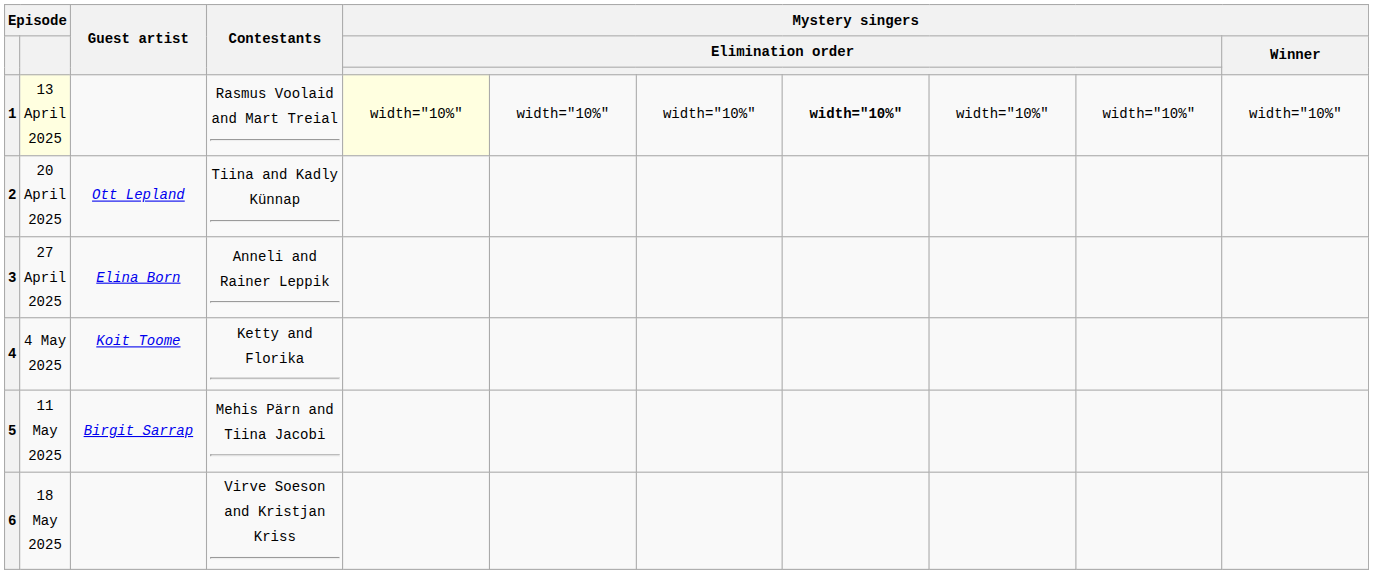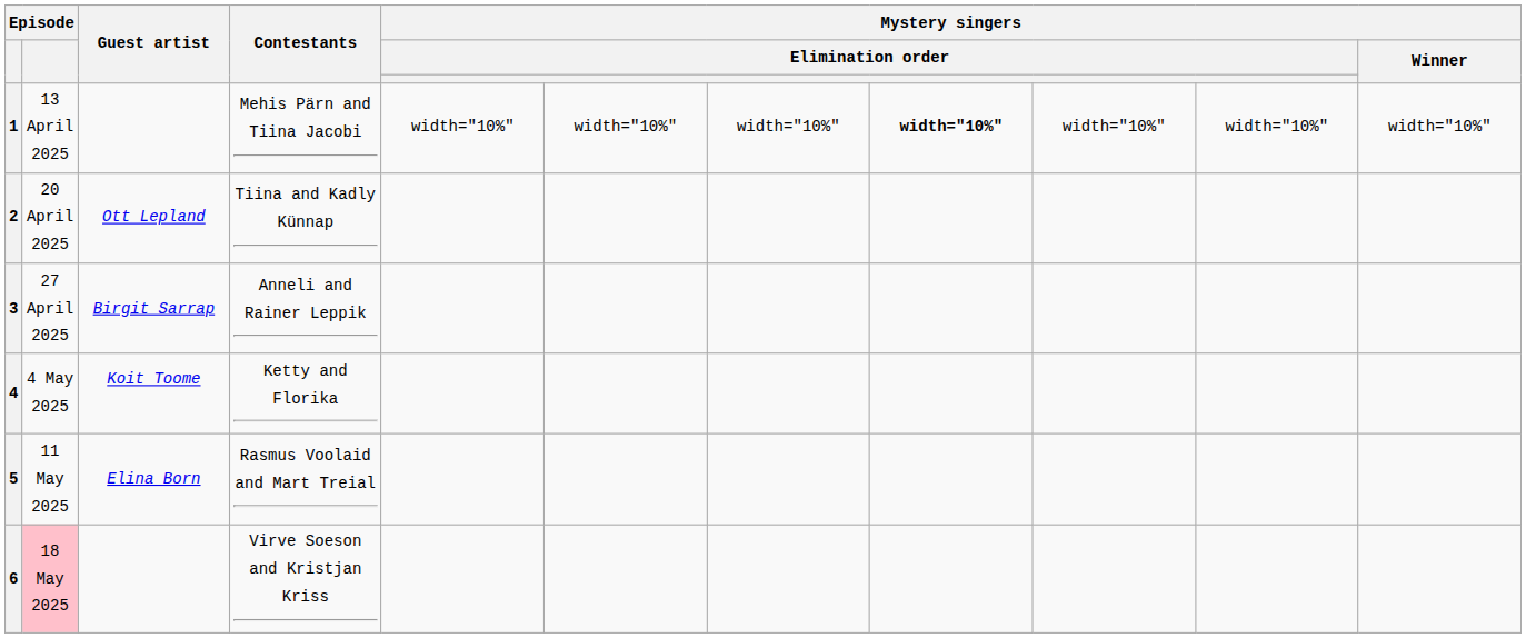 <table class="wikitable plainrowheaders mw-collapsible" style="text-align:center; line-height:23px; width:100%;">
 <tr>
 <th colspan="2" width="1%">Episode</th>
 <th rowspan="3" width="10%">Guest artist</th>
 <th rowspan="3" width="10%">Contestants</th>
 <th colspan="7">Mystery singers<br></th>
 </tr>
 <tr>
 <th rowspan="2"></th>
 <th rowspan="2"></th>
 <th colspan="6">Elimination order</th>
 <th rowspan="2">Winner</th>
 </tr>
 <tr>
 <th colspan=6></th>
 </tr>
 <tr>
 <th>1</th>
-<td style="background: lightyellow;">13 April 2025</td>
+<td>13 April 2025</td>
 <td><br></td>
-<td>Rasmus Voolaid and Mart Treial<hr></td>
-<td style="background: lightyellow;">width="10%" </td>
+<td>Mehis Pärn and Tiina Jacobi<hr></td>
+<td>width="10%" </td>
 <td>width="10%" </td>
 <td>width="10%" </td>
 <td><strong>width="10%" </strong></td>
 <td>width="10%" </td>
 <td>width="10%" </td>
 <td>width="10%" </td>
 </tr>
 <tr>
 <th>2</th>
 <td>20 April 2025</td>
 <td><em><a href='#'>Ott Lepland</a></em><br></td>
 <td>Tiina and Kadly Künnap<hr></td>
 <td></td>
 <td></td>
 <td></td>
 <td></td>
 <td></td>
 <td></td>
 <td></td>
 </tr>
 <tr>
 <th>3</th>
 <td>27 April 2025</td>
-<td><em><a href='#'>Elina Born</a></em><br></td>
+<td><em><a href='#'>Birgit Sarrap</a></em><br></td>
 <td>Anneli and Rainer Leppik<hr></td>
 <td></td>
 <td></td>
 <td></td>
 <td></td>
 <td></td>
 <td></td>
 <td></td>
 </tr>
 <tr>
 <th>4</th>
 <td>4 May 2025</td>
 <td><em><a href='#'>Koit Toome</a></em><br><br></td>
 <td>Ketty and Florika<hr></td>
 <td></td>
 <td></td>
 <td></td>
 <td></td>
 <td></td>
 <td></td>
 <td></td>
 </tr>
 <tr>
 <th>5</th>
 <td>11 May 2025</td>
-<td><em><a href='#'>Birgit Sarrap</a></em><br></td>
-<td>Mehis Pärn and Tiina Jacobi<hr></td>
+<td><em><a href='#'>Elina Born</a></em><br></td>
+<td>Rasmus Voolaid and Mart Treial<hr></td>
 <td></td>
 <td></td>
 <td></td>
 <td></td>
 <td></td>
 <td></td>
 <td></td>
 </tr>
 <tr>
 <th>6</th>
-<td>18 May 2025</td>
+<td style="background: pink;">18 May 2025</td>
 <td><br></td>
 <td>Virve Soeson and Kristjan Kriss<hr></td>
 <td></td>
 <td></td>
 <td></td>
 <td></td>
 <td></td>
 <td></td>
 <td></td>
 </tr>
 </table>
